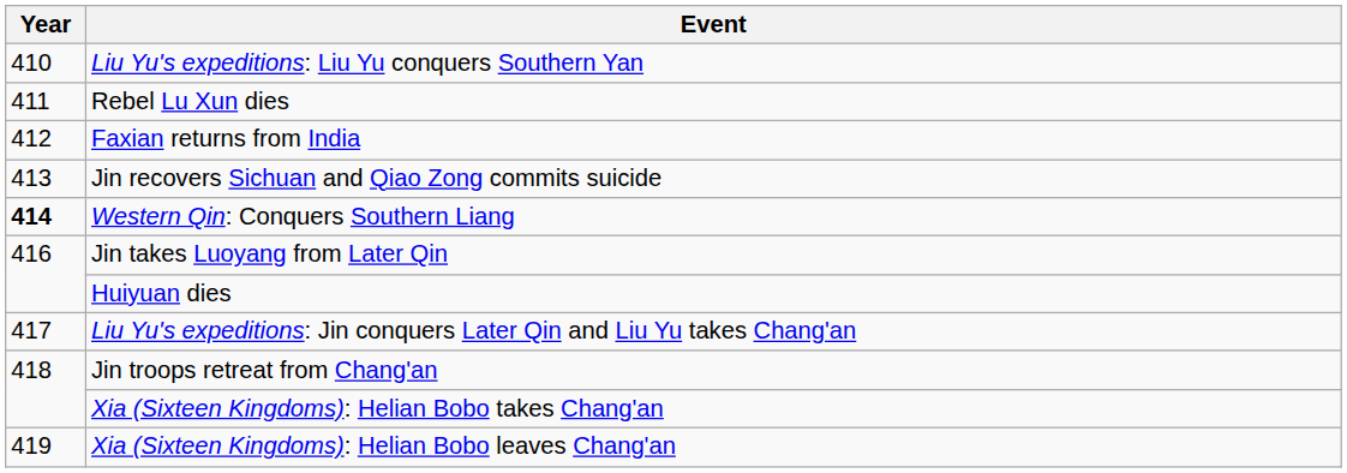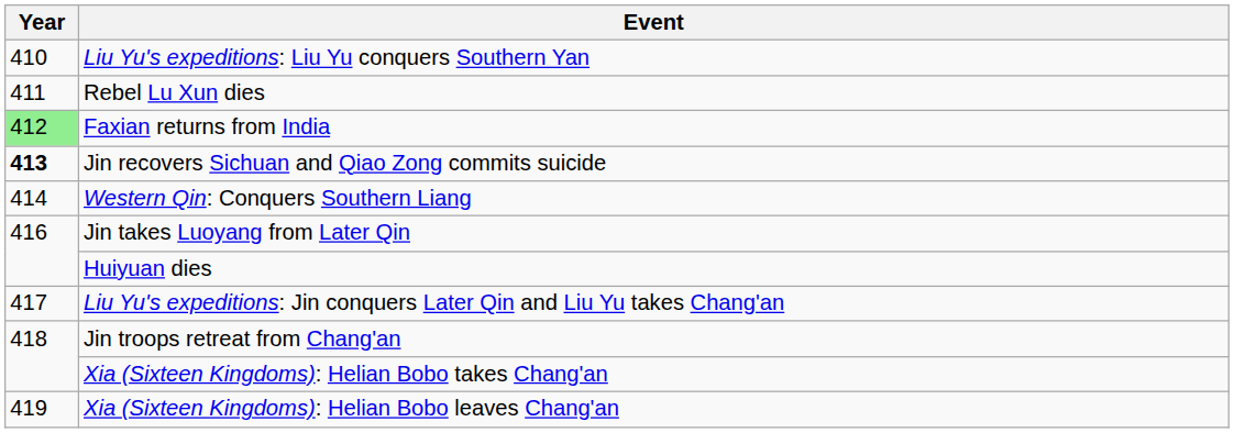 <table class="wikitable" style="width:100%;">
 <tr>
 <th style="width:6%">Year</th>
 <th>Event</th>
 </tr>
 <tr>
 <td>410</td>
 <td><em><a href='#'>Liu Yu's expeditions</a></em>: <a href='#'>Liu Yu</a> conquers <a href='#'>Southern Yan</a></td>
 </tr>
 <tr>
 <td>411</td>
 <td>Rebel <a href='#'>Lu Xun</a> dies</td>
 </tr>
 <tr>
-<td>412</td>
+<td style="background: lightgreen;">412</td>
 <td><a href='#'>Faxian</a> returns from <a href='#'>India</a></td>
 </tr>
 <tr>
-<td>413</td>
+<td><strong>413</strong></td>
 <td>Jin recovers <a href='#'>Sichuan</a> and <a href='#'>Qiao Zong</a> commits suicide</td>
 </tr>
 <tr>
-<td><strong>414</strong></td>
+<td>414</td>
 <td><em><a href='#'>Western Qin</a></em>: Conquers <a href='#'>Southern Liang</a></td>
 </tr>
 <tr>
 <td rowspan="2" style="vertical-align:top;">416</td>
 <td>Jin takes <a href='#'>Luoyang</a> from <a href='#'>Later Qin</a></td>
 </tr>
 <tr>
 <td><a href='#'>Huiyuan</a> dies</td>
 </tr>
 <tr>
 <td>417</td>
 <td><em><a href='#'>Liu Yu's expeditions</a></em>: Jin conquers <a href='#'>Later Qin</a> and <a href='#'>Liu Yu</a> takes <a href='#'>Chang'an</a></td>
 </tr>
 <tr>
 <td rowspan="2" style="vertical-align:top;">418</td>
 <td>Jin troops retreat from <a href='#'>Chang'an</a></td>
 </tr>
 <tr>
 <td><em><a href='#'>Xia (Sixteen Kingdoms)</a></em>: <a href='#'>Helian Bobo</a> takes <a href='#'>Chang'an</a></td>
 </tr>
 <tr>
 <td>419</td>
 <td><em><a href='#'>Xia (Sixteen Kingdoms)</a></em>: <a href='#'>Helian Bobo</a> leaves <a href='#'>Chang'an</a></td>
 </tr>
 </table>
